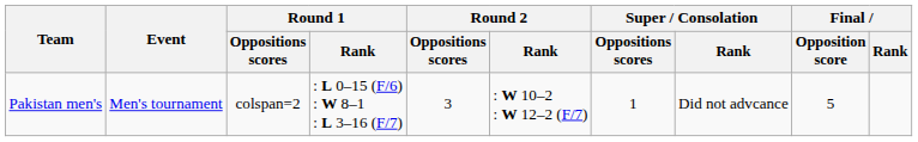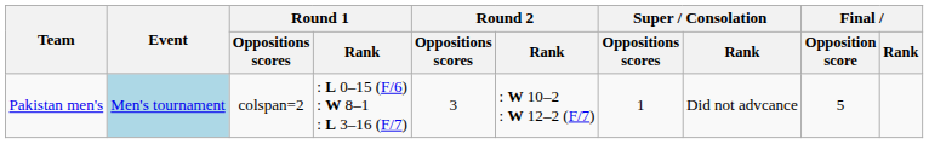 <table class=wikitable style="font-size:90%; text-align:center;">
 <tr>
 <th rowspan=2>Team</th>
 <th rowspan=2>Event</th>
 <th colspan=2>Round 1</th>
 <th colspan=2>Round 2</th>
 <th colspan=2>Super / Consolation</th>
 <th colspan=2>Final / </th>
 </tr>
 <tr style=font-size:95%>
 <th>Oppositions<br> scores</th>
 <th>Rank</th>
 <th>Oppositions<br> scores</th>
 <th>Rank</th>
 <th>Oppositions<br> scores</th>
 <th>Rank</th>
 <th>Opposition<br> score</th>
 <th>Rank</th>
 </tr>
 <tr>
 <td align=left><a href='#'>Pakistan men's</a></td>
-<td align=left><a href='#'>Men's tournament</a></td>
+<td align=left style="background: lightblue;"><a href='#'>Men's tournament</a></td>
 <td>colspan=2 </td>
 <td align=left>: <strong>L</strong> 0–15 (<a href='#'>F/6</a>)<br>: <strong>W</strong> 8–1<br>: <strong>L</strong> 3–16 (<a href='#'>F/7</a>)</td>
 <td>3</td>
 <td align=left>: <strong>W</strong> 10–2<br>: <strong>W</strong> 12–2 (<a href='#'>F/7</a>)</td>
 <td>1</td>
 <td>Did not advcance</td>
 <td>5</td>
 </tr>
 </table>
